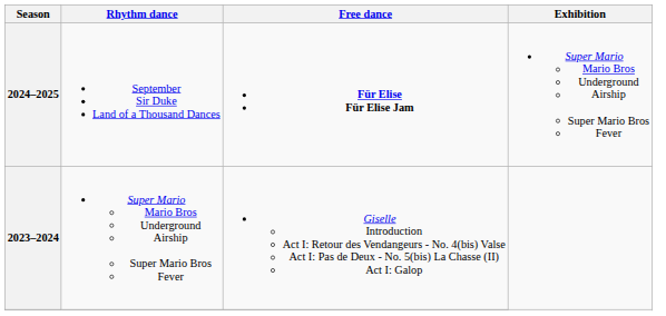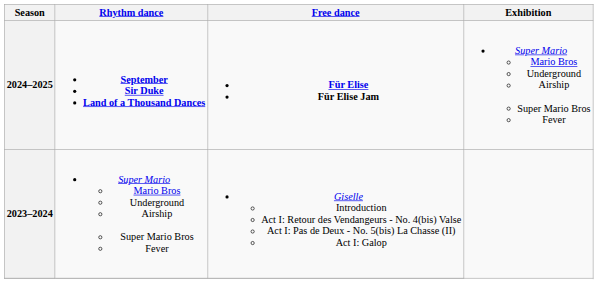 <table class=wikitable style=text-align:center>
 <tr>
 <th>Season</th>
 <th><a href='#'>Rhythm dance</a></th>
 <th><a href='#'>Free dance</a></th>
 <th>Exhibition</th>
 </tr>
 <tr>
 <th>2024–2025<br></th>
-<td><br><ul><li><a href='#'>September</a> <br> </li><li><a href='#'>Sir Duke</a> <br> </li><li><a href='#'>Land of a Thousand Dances</a> <br> </li></ul></td>
+<td><strong><br><ul><li><a href='#'>September</a> <br> </li><li><a href='#'>Sir Duke</a> <br> </li><li><a href='#'>Land of a Thousand Dances</a> <br> </li></ul></strong></td>
 <td><strong><br><ul><li><a href='#'>Für Elise</a> <br> </li><li>Für Elise Jam <br> </li></ul></strong></td>
 <td><br><ul><li><em><a href='#'>Super Mario</a></em><ul><li><a href='#'>Mario Bros</a><br></li><li>Underground</li><li>Airship<br><br></li><li>Super Mario Bros<br></li><li>Fever<br><br></li></ul></li></ul></td>
 </tr>
 <tr>
 <th>2023–2024<br></th>
 <td><br><ul><li><em><a href='#'>Super Mario</a></em><ul><li><a href='#'>Mario Bros</a><br></li><li>Underground</li><li>Airship<br><br></li><li>Super Mario Bros<br></li><li>Fever<br><br></li></ul></li></ul></td>
 <td><br><ul><li><em><a href='#'>Giselle</a></em><ul><li>Introduction</li><li>Act I: Retour des Vendangeurs - No. 4(bis) Valse</li><li>Act I: Pas de Deux - No. 5(bis) La Chasse (II)</li><li>Act I: Galop<br></li></ul></li></ul></td>
 </tr>
 <tr>
 </tr>
 </table>
